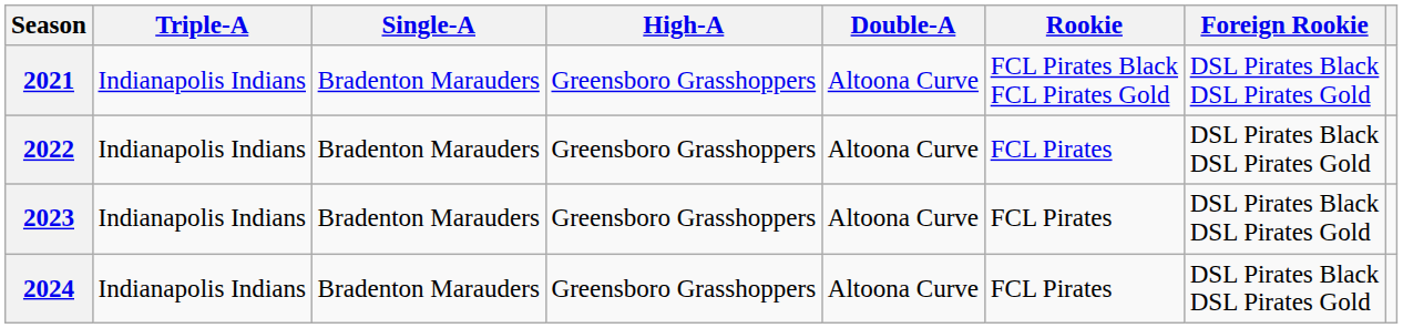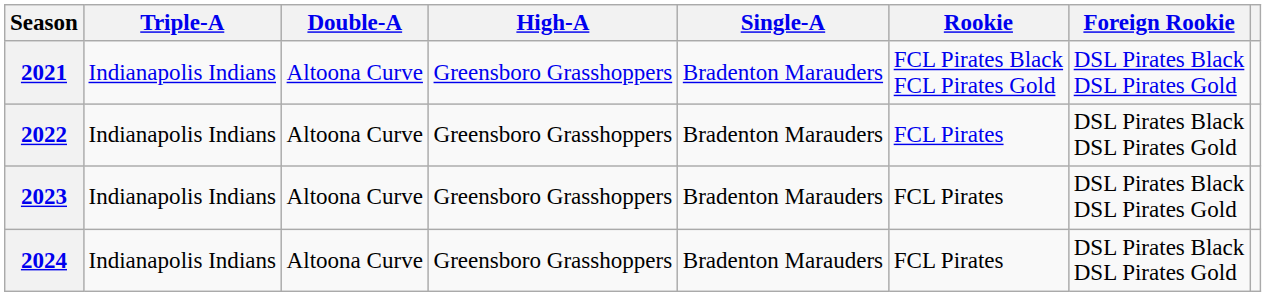 <table class="wikitable plainrowheaders">
 <tr>
 <th scope="col">Season</th>
 <th scope="col"><a href='#'><span>Triple-A</span></a></th>
+<th scope="col"><a href='#'><span>Double-A</span></a></th>
+<th scope="col"><a href='#'><span>High-A</span></a></th>
 <th scope="col"><a href='#'><span>Single-A</span></a></th>
-<th scope="col"><a href='#'><span>High-A</span></a></th>
-<th scope="col"><a href='#'><span>Double-A</span></a></th>
 <th scope="col"><a href='#'><span>Rookie</span></a></th>
 <th scope="col"><a href='#'><span>Foreign Rookie</span></a></th>
 <th scope="col"></th>
 </tr>
 <tr>
 <th scope="row" style="text-align:center"><a href='#'>2021</a></th>
 <td><a href='#'>Indianapolis Indians</a></td>
+<td><a href='#'>Altoona Curve</a></td>
+<td><a href='#'>Greensboro Grasshoppers</a></td>
 <td><a href='#'>Bradenton Marauders</a></td>
-<td><a href='#'>Greensboro Grasshoppers</a></td>
-<td><a href='#'>Altoona Curve</a></td>
 <td><a href='#'>FCL Pirates Black</a><br><a href='#'>FCL Pirates Gold</a></td>
 <td><a href='#'>DSL Pirates Black</a><br><a href='#'>DSL Pirates Gold</a></td>
 <td align="center"></td>
 </tr>
 <tr>
 <th scope="row" style="text-align:center"><a href='#'>2022</a></th>
 <td>Indianapolis Indians</td>
+<td>Altoona Curve</td>
+<td>Greensboro Grasshoppers</td>
 <td>Bradenton Marauders</td>
-<td>Greensboro Grasshoppers</td>
-<td>Altoona Curve</td>
 <td><a href='#'>FCL Pirates</a></td>
 <td>DSL Pirates Black<br>DSL Pirates Gold</td>
 <td align="center"></td>
 </tr>
 <tr>
 <th scope="row" style="text-align:center"><a href='#'>2023</a></th>
 <td>Indianapolis Indians</td>
+<td>Altoona Curve</td>
+<td>Greensboro Grasshoppers</td>
 <td>Bradenton Marauders</td>
-<td>Greensboro Grasshoppers</td>
-<td>Altoona Curve</td>
 <td>FCL Pirates</td>
 <td>DSL Pirates Black<br>DSL Pirates Gold</td>
 <td align="center"></td>
 </tr>
 <tr>
 <th scope="row" style="text-align:center"><a href='#'>2024</a></th>
 <td>Indianapolis Indians</td>
+<td>Altoona Curve</td>
+<td>Greensboro Grasshoppers</td>
 <td>Bradenton Marauders</td>
-<td>Greensboro Grasshoppers</td>
-<td>Altoona Curve</td>
 <td>FCL Pirates</td>
 <td>DSL Pirates Black<br>DSL Pirates Gold</td>
 <td align="center"></td>
 </tr>
 </table>
